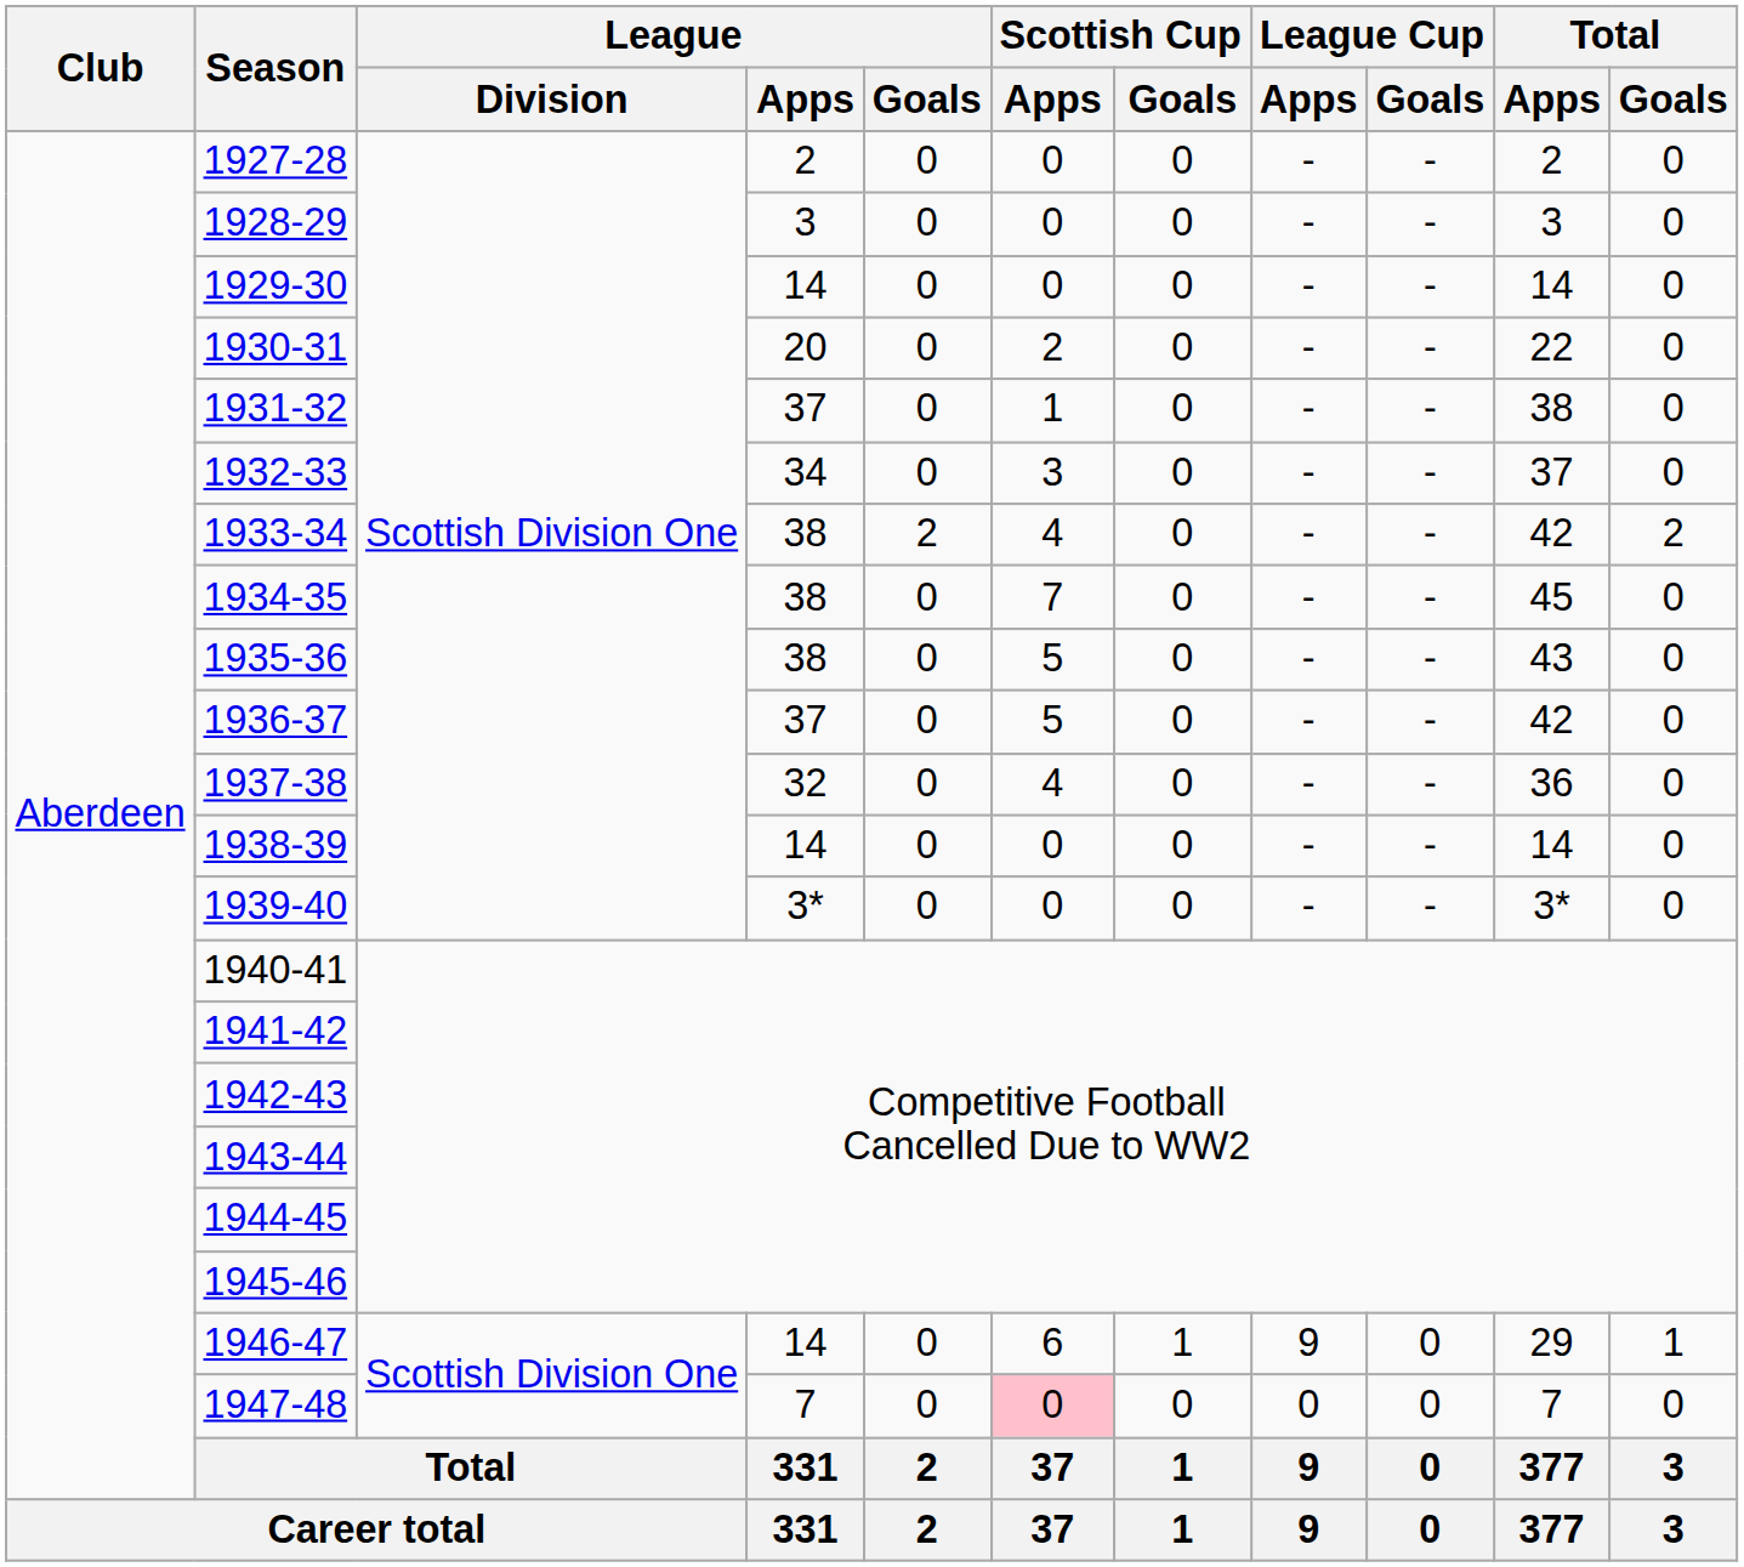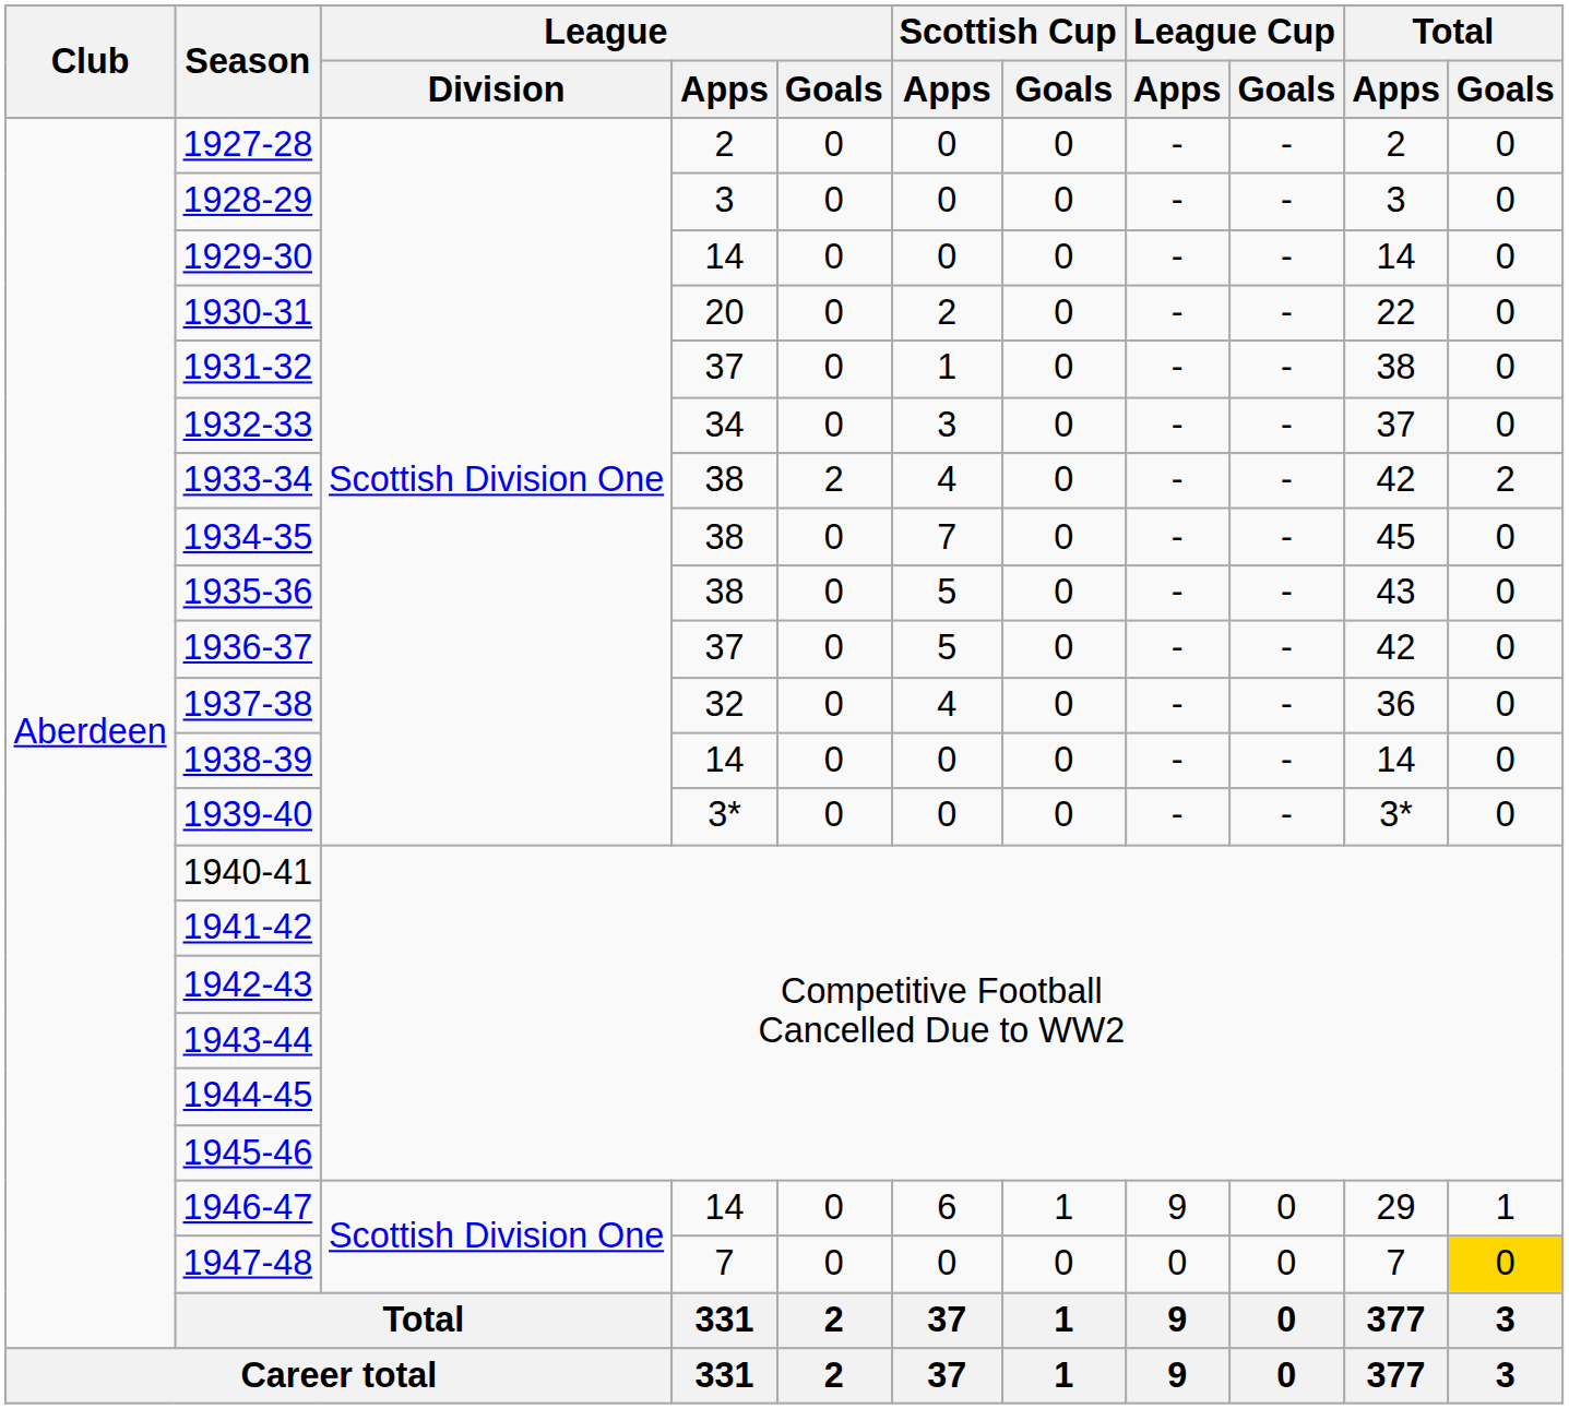 <table class="wikitable" style="text-align:center">
 <tr>
 <th rowspan="2">Club</th>
 <th rowspan="2">Season</th>
 <th colspan="3">League</th>
 <th colspan="2">Scottish Cup</th>
 <th colspan="2">League Cup</th>
 <th colspan="2">Total</th>
 </tr>
 <tr>
 <th>Division</th>
 <th>Apps</th>
 <th>Goals</th>
 <th>Apps</th>
 <th>Goals</th>
 <th>Apps</th>
 <th>Goals</th>
 <th>Apps</th>
 <th>Goals</th>
 </tr>
 <tr>
 <td rowspan="22"><a href='#'>Aberdeen</a></td>
 <td><a href='#'>1927-28</a></td>
 <td rowspan="13"><a href='#'>Scottish Division One</a></td>
 <td>2</td>
 <td>0</td>
 <td>0</td>
 <td>0</td>
 <td>-</td>
 <td>-</td>
 <td>2</td>
 <td>0</td>
 </tr>
 <tr>
 <td><a href='#'>1928-29</a></td>
 <td>3</td>
 <td>0</td>
 <td>0</td>
 <td>0</td>
 <td>-</td>
 <td>-</td>
 <td>3</td>
 <td>0</td>
 </tr>
 <tr>
 <td><a href='#'>1929-30</a></td>
 <td>14</td>
 <td>0</td>
 <td>0</td>
 <td>0</td>
 <td>-</td>
 <td>-</td>
 <td>14</td>
 <td>0</td>
 </tr>
 <tr>
 <td><a href='#'>1930-31</a></td>
 <td>20</td>
 <td>0</td>
 <td>2</td>
 <td>0</td>
 <td>-</td>
 <td>-</td>
 <td>22</td>
 <td>0</td>
 </tr>
 <tr>
 <td><a href='#'>1931-32</a></td>
 <td>37</td>
 <td>0</td>
 <td>1</td>
 <td>0</td>
 <td>-</td>
 <td>-</td>
 <td>38</td>
 <td>0</td>
 </tr>
 <tr>
 <td><a href='#'>1932-33</a></td>
 <td>34</td>
 <td>0</td>
 <td>3</td>
 <td>0</td>
 <td>-</td>
 <td>-</td>
 <td>37</td>
 <td>0</td>
 </tr>
 <tr>
 <td><a href='#'>1933-34</a></td>
 <td>38</td>
 <td>2</td>
 <td>4</td>
 <td>0</td>
 <td>-</td>
 <td>-</td>
 <td>42</td>
 <td>2</td>
 </tr>
 <tr>
 <td><a href='#'>1934-35</a></td>
 <td>38</td>
 <td>0</td>
 <td>7</td>
 <td>0</td>
 <td>-</td>
 <td>-</td>
 <td>45</td>
 <td>0</td>
 </tr>
 <tr>
 <td><a href='#'>1935-36</a></td>
 <td>38</td>
 <td>0</td>
 <td>5</td>
 <td>0</td>
 <td>-</td>
 <td>-</td>
 <td>43</td>
 <td>0</td>
 </tr>
 <tr>
 <td><a href='#'>1936-37</a></td>
 <td>37</td>
 <td>0</td>
 <td>5</td>
 <td>0</td>
 <td>-</td>
 <td>-</td>
 <td>42</td>
 <td>0</td>
 </tr>
 <tr>
 <td><a href='#'>1937-38</a></td>
 <td>32</td>
 <td>0</td>
 <td>4</td>
 <td>0</td>
 <td>-</td>
 <td>-</td>
 <td>36</td>
 <td>0</td>
 </tr>
 <tr>
 <td><a href='#'>1938-39</a></td>
 <td>14</td>
 <td>0</td>
 <td>0</td>
 <td>0</td>
 <td>-</td>
 <td>-</td>
 <td>14</td>
 <td>0</td>
 </tr>
 <tr>
 <td><a href='#'>1939-40</a></td>
 <td>3*</td>
 <td>0</td>
 <td>0</td>
 <td>0</td>
 <td>-</td>
 <td>-</td>
 <td>3*</td>
 <td>0</td>
 </tr>
 <tr>
 <td>1940-41</td>
 <td colspan="9" rowspan="6">Competitive Football<br>Cancelled Due to WW2</td>
 </tr>
 <tr>
 <td><a href='#'>1941-42</a></td>
 </tr>
 <tr>
 <td><a href='#'>1942-43</a></td>
 </tr>
 <tr>
 <td><a href='#'>1943-44</a></td>
 </tr>
 <tr>
 <td><a href='#'>1944-45</a></td>
 </tr>
 <tr>
 <td><a href='#'>1945-46</a></td>
 </tr>
 <tr>
 <td><a href='#'>1946-47</a></td>
 <td rowspan="2"><a href='#'>Scottish Division One</a></td>
 <td>14</td>
 <td>0</td>
 <td>6</td>
 <td>1</td>
 <td>9</td>
 <td>0</td>
 <td>29</td>
 <td>1</td>
 </tr>
 <tr>
 <td><a href='#'>1947-48</a></td>
 <td>7</td>
 <td>0</td>
-<td style="background: pink;">0</td>
+<td>0</td>
 <td>0</td>
 <td>0</td>
 <td>0</td>
 <td>7</td>
-<td>0</td>
+<td style="background: gold;">0</td>
 </tr>
 <tr>
 <th colspan="2">Total</th>
 <th>331</th>
 <th>2</th>
 <th>37</th>
 <th>1</th>
 <th>9</th>
 <th>0</th>
 <th>377</th>
 <th>3</th>
 </tr>
 <tr>
 <th colspan="3">Career total</th>
 <th>331</th>
 <th>2</th>
 <th>37</th>
 <th>1</th>
 <th>9</th>
 <th>0</th>
 <th>377</th>
 <th>3</th>
 </tr>
 </table>
